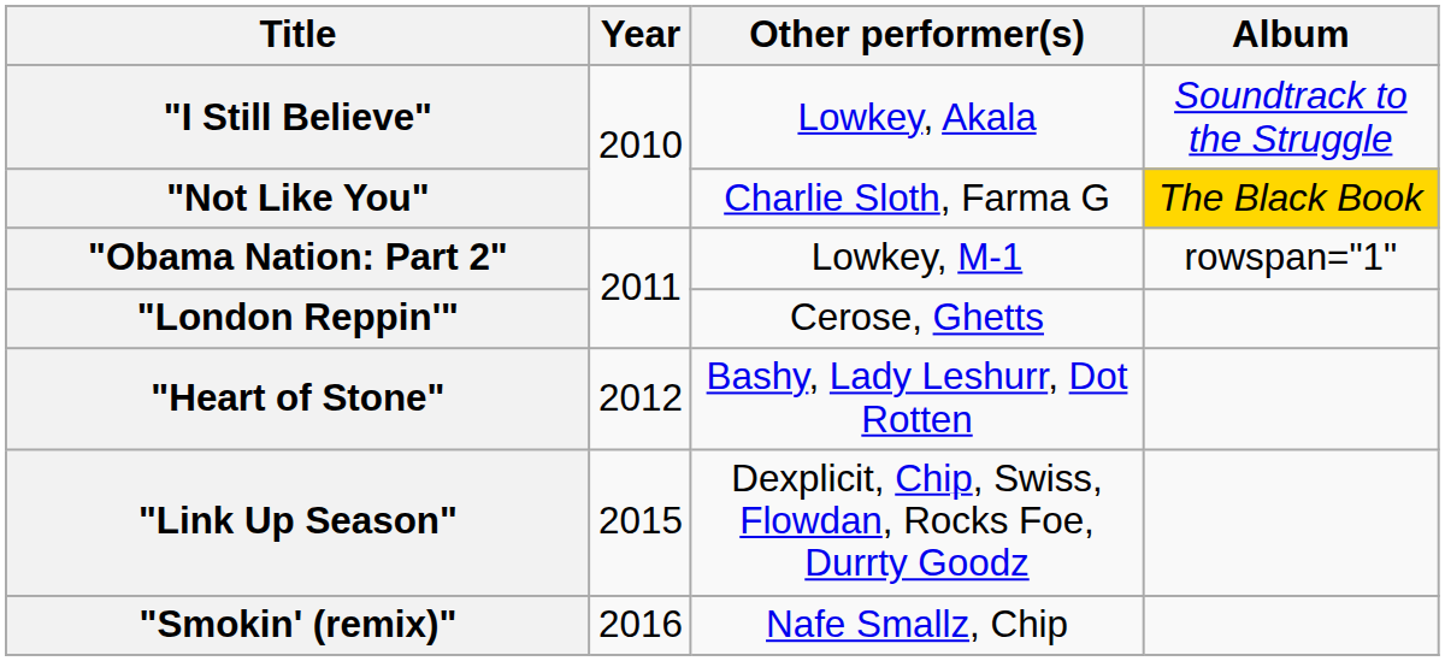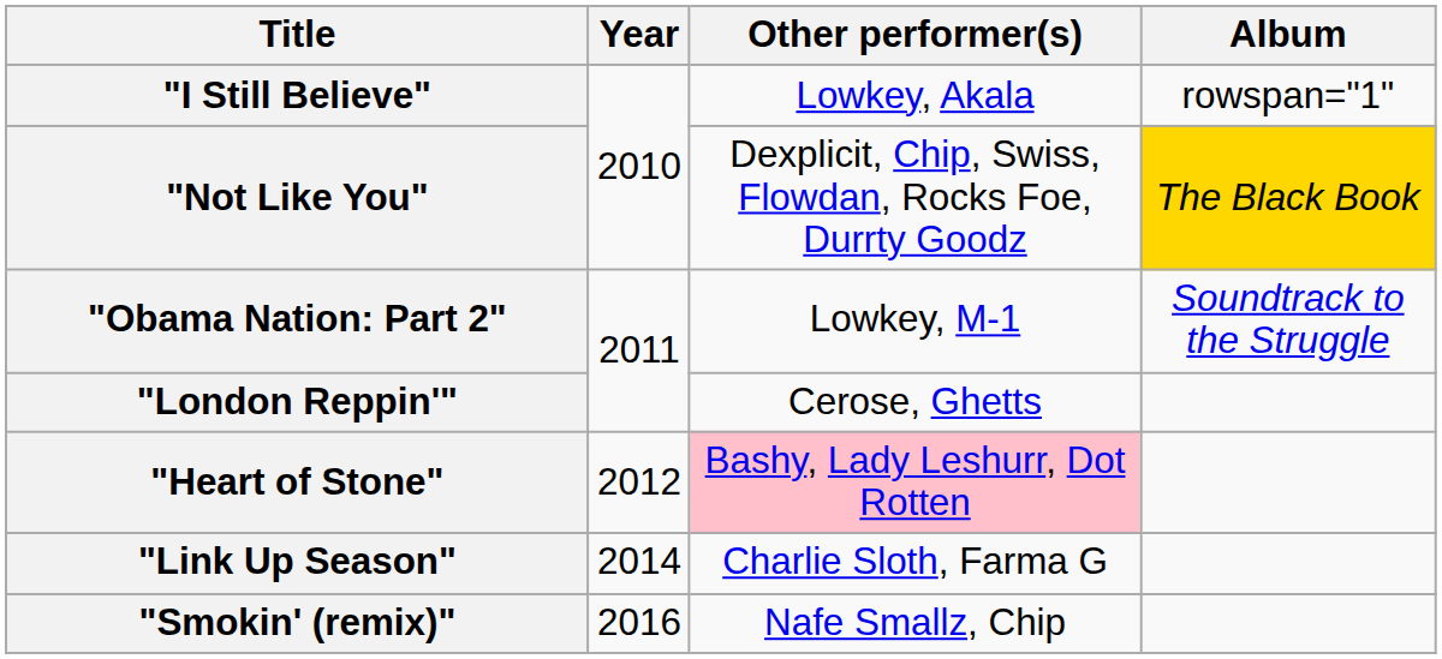 <table class="wikitable plainrowheaders" style="text-align:center;">
 <tr>
 <th scope="col" style="width:15em;">Title</th>
 <th scope="col">Year</th>
 <th scope="col">Other performer(s)</th>
 <th scope="col">Album</th>
 </tr>
 <tr>
 <th scope="row">"I Still Believe"</th>
 <td rowspan="2">2010</td>
 <td><a href='#'>Lowkey</a>, <a href='#'>Akala</a></td>
-<td><em><a href='#'>Soundtrack to the Struggle</a></em></td>
+<td>rowspan="1" </td>
 </tr>
 <tr>
 <th scope="row">"Not Like You"</th>
-<td><a href='#'>Charlie Sloth</a>, Farma G</td>
+<td>Dexplicit, <a href='#'>Chip</a>, Swiss, <a href='#'>Flowdan</a>, Rocks Foe, <a href='#'>Durrty Goodz</a></td>
 <td style="background: gold;"><em>The Black Book</em></td>
 </tr>
 <tr>
 <th scope="row">"Obama Nation: Part 2"</th>
 <td rowspan="2">2011</td>
 <td>Lowkey, <a href='#'>M-1</a></td>
-<td>rowspan="1" </td>
+<td><em><a href='#'>Soundtrack to the Struggle</a></em></td>
 </tr>
 <tr>
 <th scope="row">"London Reppin'"</th>
 <td>Cerose, <a href='#'>Ghetts</a></td>
 <td></td>
 </tr>
 <tr>
 <th scope="row">"Heart of Stone"</th>
 <td>2012</td>
-<td><a href='#'>Bashy</a>, <a href='#'>Lady Leshurr</a>, <a href='#'>Dot Rotten</a></td>
+<td style="background: pink;"><a href='#'>Bashy</a>, <a href='#'>Lady Leshurr</a>, <a href='#'>Dot Rotten</a></td>
 <td></td>
 </tr>
 <tr>
 <th scope="row">"Link Up Season"</th>
-<td>2015</td>
-<td>Dexplicit, <a href='#'>Chip</a>, Swiss, <a href='#'>Flowdan</a>, Rocks Foe, <a href='#'>Durrty Goodz</a></td>
+<td>2014</td>
+<td><a href='#'>Charlie Sloth</a>, Farma G</td>
 <td></td>
 </tr>
 <tr>
 <th scope="row">"Smokin' (remix)"</th>
 <td>2016</td>
 <td><a href='#'>Nafe Smallz</a>, Chip</td>
 <td></td>
 </tr>
 </table>
